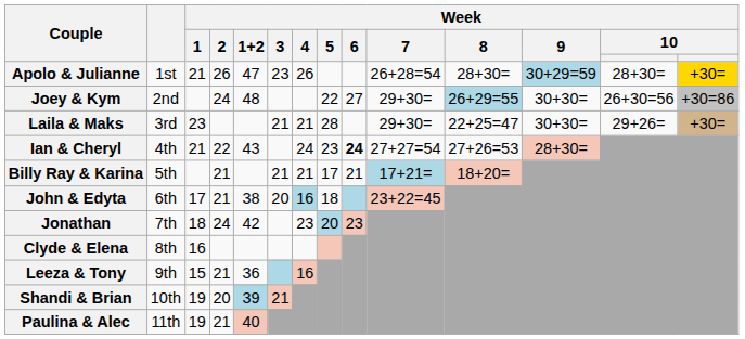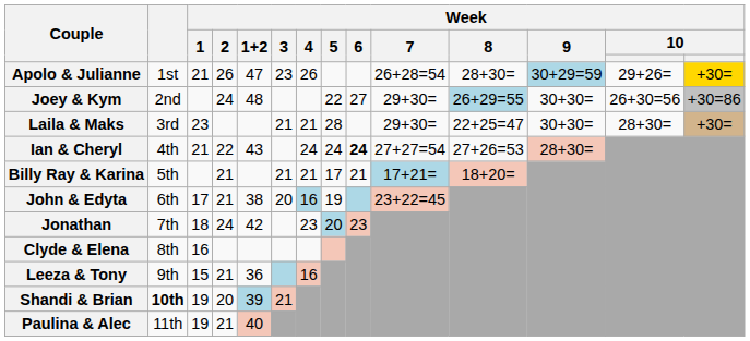 <table class="wikitable sortable" style="text-align:center; font-size:95%">
 <tr>
 <th scope="col" rowspan="3" style="text-align:center;">Couple</th>
 <th scope="col" rowspan="3" style="text-align:center;"></th>
 <th colspan="12" style="text-align:center;">Week</th>
 </tr>
 <tr>
 <th rowspan="2" scope="col">1</th>
 <th rowspan="2" scope="col">2</th>
 <th rowspan="2" scope="col">1+2</th>
 <th rowspan="2" scope="col">3</th>
 <th rowspan="2" scope="col">4</th>
 <th rowspan="2" scope="col">5</th>
 <th rowspan="2" scope="col">6</th>
 <th rowspan="2" scope="col">7</th>
 <th rowspan="2" scope="col">8</th>
 <th rowspan="2" scope="col">9</th>
 <th colspan="2" scope="col">10</th>
 </tr>
 <tr>
 <th></th>
 <th></th>
 </tr>
 <tr>
 <th scope="row">Apolo & Julianne</th>
 <td>1st</td>
 <td>21</td>
 <td>26</td>
 <td>47</td>
 <td>23</td>
 <td>26</td>
 <td></td>
 <td></td>
 <td>26+28=54</td>
 <td>28+30=</td>
 <td bgcolor="lightblue" >30+29=59</td>
-<td>28+30=</td>
+<td>29+26=</td>
 <td bgcolor="gold" >+30=</td>
 </tr>
 <tr>
 <th scope="row">Joey & Kym</th>
 <td>2nd</td>
 <td></td>
 <td>24</td>
 <td>48</td>
 <td></td>
 <td></td>
 <td>22</td>
 <td>27</td>
 <td>29+30=</td>
 <td bgcolor="lightblue" >26+29=55</td>
 <td>30+30=</td>
 <td>26+30=56</td>
 <td bgcolor="silver" >+30=86</td>
 </tr>
 <tr>
 <th scope="row">Laila & Maks</th>
 <td>3rd</td>
 <td>23</td>
 <td></td>
 <td></td>
 <td>21</td>
 <td>21</td>
 <td>28</td>
 <td></td>
 <td>29+30=</td>
 <td>22+25=47</td>
 <td>30+30=</td>
-<td>29+26=</td>
+<td>28+30=</td>
 <td bgcolor="tan" >+30=</td>
 </tr>
 <tr>
 <th scope="row">Ian & Cheryl</th>
 <td>4th</td>
 <td>21</td>
 <td>22</td>
 <td>43</td>
 <td></td>
 <td>24</td>
-<td>23</td>
+<td>24</td>
 <td><strong>24</strong></td>
 <td>27+27=54</td>
 <td>27+26=53</td>
 <td bgcolor="f4c7b8" >28+30=</td>
 <td colspan="2" rowspan="8" style="background:darkgray"></td>
 </tr>
 <tr>
 <th scope="row">Billy Ray & Karina</th>
 <td>5th</td>
 <td></td>
 <td>21</td>
 <td></td>
 <td>21</td>
 <td>21</td>
 <td>17</td>
 <td>21</td>
 <td bgcolor="lightblue" >17+21=</td>
 <td bgcolor="f4c7b8" >18+20=</td>
 <td rowspan="7" style="background:darkgray"></td>
 </tr>
 <tr>
 <th scope="row">John & Edyta</th>
 <td>6th</td>
 <td>17</td>
 <td>21</td>
 <td>38</td>
 <td>20</td>
 <td bgcolor="lightblue">16</td>
-<td>18</td>
+<td>19</td>
 <td bgcolor="lightblue"></td>
 <td bgcolor="f4c7b8" >23+22=45</td>
 <td rowspan="6" style="background:darkgray"></td>
 </tr>
 <tr>
 <th scope="row"> Jonathan</th>
 <td>7th</td>
 <td>18</td>
 <td>24</td>
 <td>42</td>
 <td></td>
 <td>23</td>
 <td bgcolor="lightblue">20</td>
 <td bgcolor="f4c7b8">23</td>
 <td rowspan="5" style="background:darkgray"></td>
 </tr>
 <tr>
 <th scope="row">Clyde & Elena</th>
 <td>8th</td>
 <td>16</td>
 <td></td>
 <td></td>
 <td></td>
 <td></td>
 <td bgcolor="f4c7b8"></td>
 <td rowspan="4" style="background:darkgray"></td>
 </tr>
 <tr>
 <th scope="row">Leeza & Tony</th>
 <td>9th</td>
 <td>15</td>
 <td>21</td>
 <td>36</td>
 <td bgcolor="lightblue"></td>
 <td bgcolor="f4c7b8">16</td>
 <td rowspan="3" style="background:darkgray"></td>
 </tr>
 <tr>
 <th scope="row">Shandi & Brian</th>
-<td>10th</td>
+<td><strong>10th</strong></td>
 <td>19</td>
 <td>20</td>
 <td bgcolor="lightblue">39</td>
 <td bgcolor="f4c7b8">21</td>
 <td rowspan="2" style="background:darkgray"></td>
 </tr>
 <tr>
 <th scope="row">Paulina & Alec</th>
 <td>11th</td>
 <td>19</td>
 <td>21</td>
 <td bgcolor="f4c7b8">40</td>
 <td style="background:darkgray"></td>
 </tr>
 </table>
